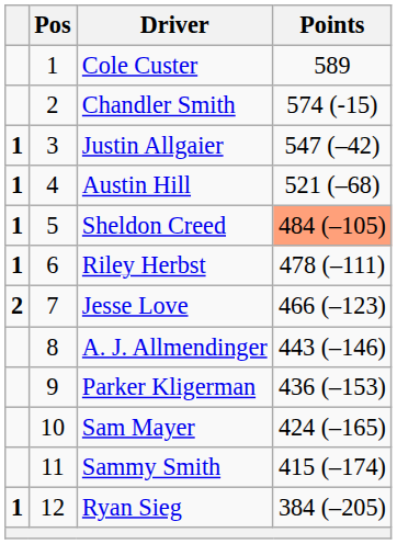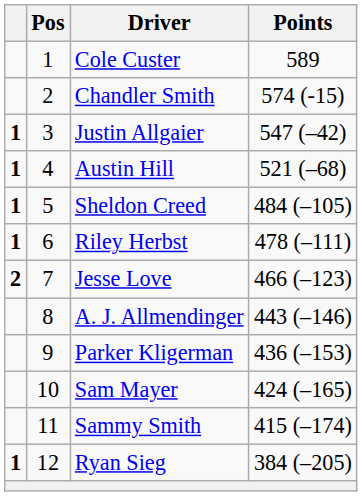 <table class="wikitable" style="font-size: 95%;">
 <tr>
 <th></th>
 <th>Pos</th>
 <th>Driver</th>
 <th>Points</th>
 </tr>
 <tr>
 <td align="left"></td>
 <td style="text-align:center;">1</td>
 <td><a href='#'>Cole Custer</a></td>
 <td style="text-align:center;">589</td>
 </tr>
 <tr>
 <td align="left"></td>
 <td style="text-align:center;">2</td>
 <td><a href='#'>Chandler Smith</a></td>
 <td style="text-align:center;">574 (-15)</td>
 </tr>
 <tr>
 <td align="left"> <strong>1</strong></td>
 <td style="text-align:center;">3</td>
 <td><a href='#'>Justin Allgaier</a></td>
 <td style="text-align:center;">547 (–42)</td>
 </tr>
 <tr>
 <td align="left"> <strong>1</strong></td>
 <td style="text-align:center;">4</td>
 <td><a href='#'>Austin Hill</a></td>
 <td style="text-align:center;">521 (–68)</td>
 </tr>
 <tr>
 <td align="left"> <strong>1</strong></td>
 <td style="text-align:center;">5</td>
 <td><a href='#'>Sheldon Creed</a></td>
-<td style="background: lightsalmon; text-align:center;">484 (–105)</td>
+<td style="text-align:center;">484 (–105)</td>
 </tr>
 <tr>
 <td align="left"> <strong>1</strong></td>
 <td style="text-align:center;">6</td>
 <td><a href='#'>Riley Herbst</a></td>
 <td style="text-align:center;">478 (–111)</td>
 </tr>
 <tr>
 <td align="left"> <strong>2</strong></td>
 <td style="text-align:center;">7</td>
 <td><a href='#'>Jesse Love</a></td>
 <td style="text-align:center;">466 (–123)</td>
 </tr>
 <tr>
 <td align="left"></td>
 <td style="text-align:center;">8</td>
 <td><a href='#'>A. J. Allmendinger</a></td>
 <td style="text-align:center;">443 (–146)</td>
 </tr>
 <tr>
 <td align="left"></td>
 <td style="text-align:center;">9</td>
 <td><a href='#'>Parker Kligerman</a></td>
 <td style="text-align:center;">436 (–153)</td>
 </tr>
 <tr>
 <td align="left"></td>
 <td style="text-align:center;">10</td>
 <td><a href='#'>Sam Mayer</a></td>
 <td style="text-align:center;">424 (–165)</td>
 </tr>
 <tr>
 <td align="left"></td>
 <td style="text-align:center;">11</td>
 <td><a href='#'>Sammy Smith</a></td>
 <td style="text-align:center;">415 (–174)</td>
 </tr>
 <tr>
 <td align="left"> <strong>1</strong></td>
 <td style="text-align:center;">12</td>
 <td><a href='#'>Ryan Sieg</a></td>
 <td style="text-align:center;">384 (–205)</td>
 </tr>
 <tr class="sortbottom">
 <th colspan="9"></th>
 </tr>
 </table>
